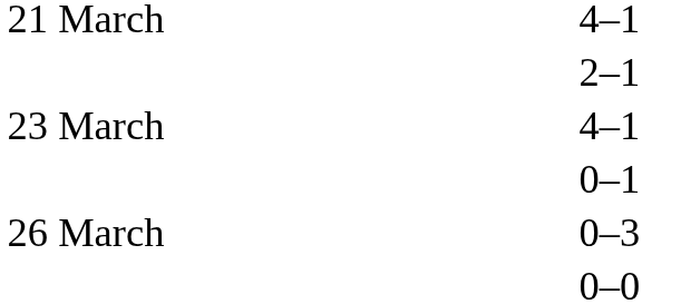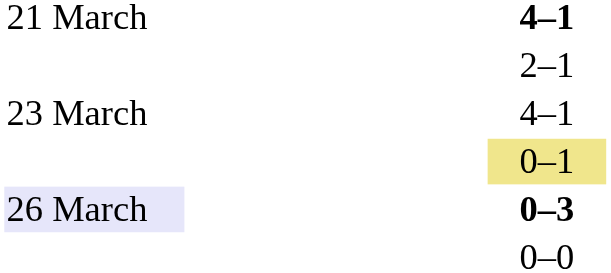 <table cellspacing=1 width=85%>
 <tr>
 <th width=15%></th>
 <th width=25%></th>
 <th width=10%></th>
 <th width=25%></th>
 <th width=25%></th>
 </tr>
 <tr>
 <td>21 March</td>
 <td align=right></td>
-<td align=center>4–1</td>
+<td align=center><strong>4–1</strong></td>
 <td></td>
 </tr>
 <tr>
 <td></td>
 <td align=right></td>
 <td align=center>2–1</td>
 <td></td>
 </tr>
 <tr>
 <td>23 March</td>
 <td align=right></td>
 <td align=center>4–1</td>
 <td></td>
 </tr>
 <tr>
 <td></td>
 <td align=right></td>
-<td align=center>0–1</td>
+<td align=center style="background: khaki;">0–1</td>
 <td></td>
 </tr>
 <tr>
-<td>26 March</td>
+<td style="background: lavender;">26 March</td>
 <td align=right></td>
-<td align=center>0–3</td>
+<td align=center><strong>0–3</strong></td>
 <td></td>
 </tr>
 <tr>
 <td></td>
 <td align=right></td>
 <td align=center>0–0</td>
 <td></td>
 </tr>
 </table>
